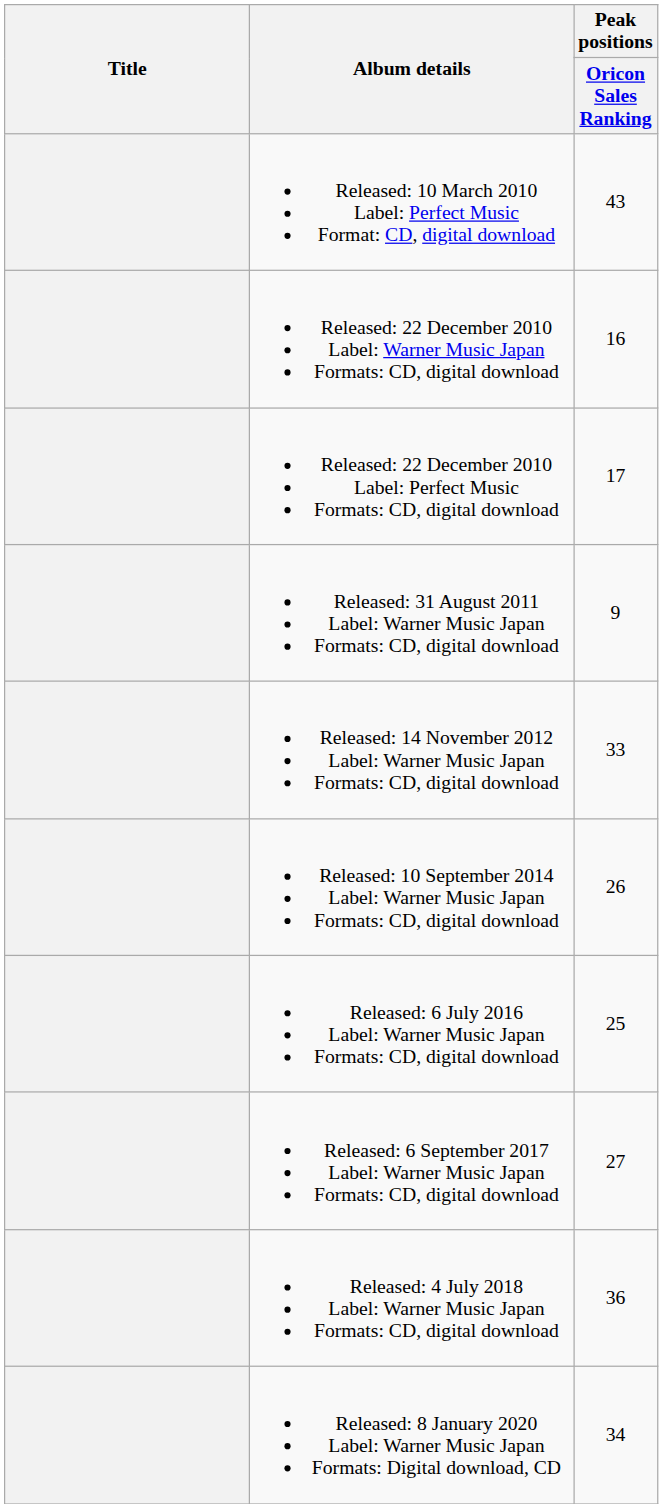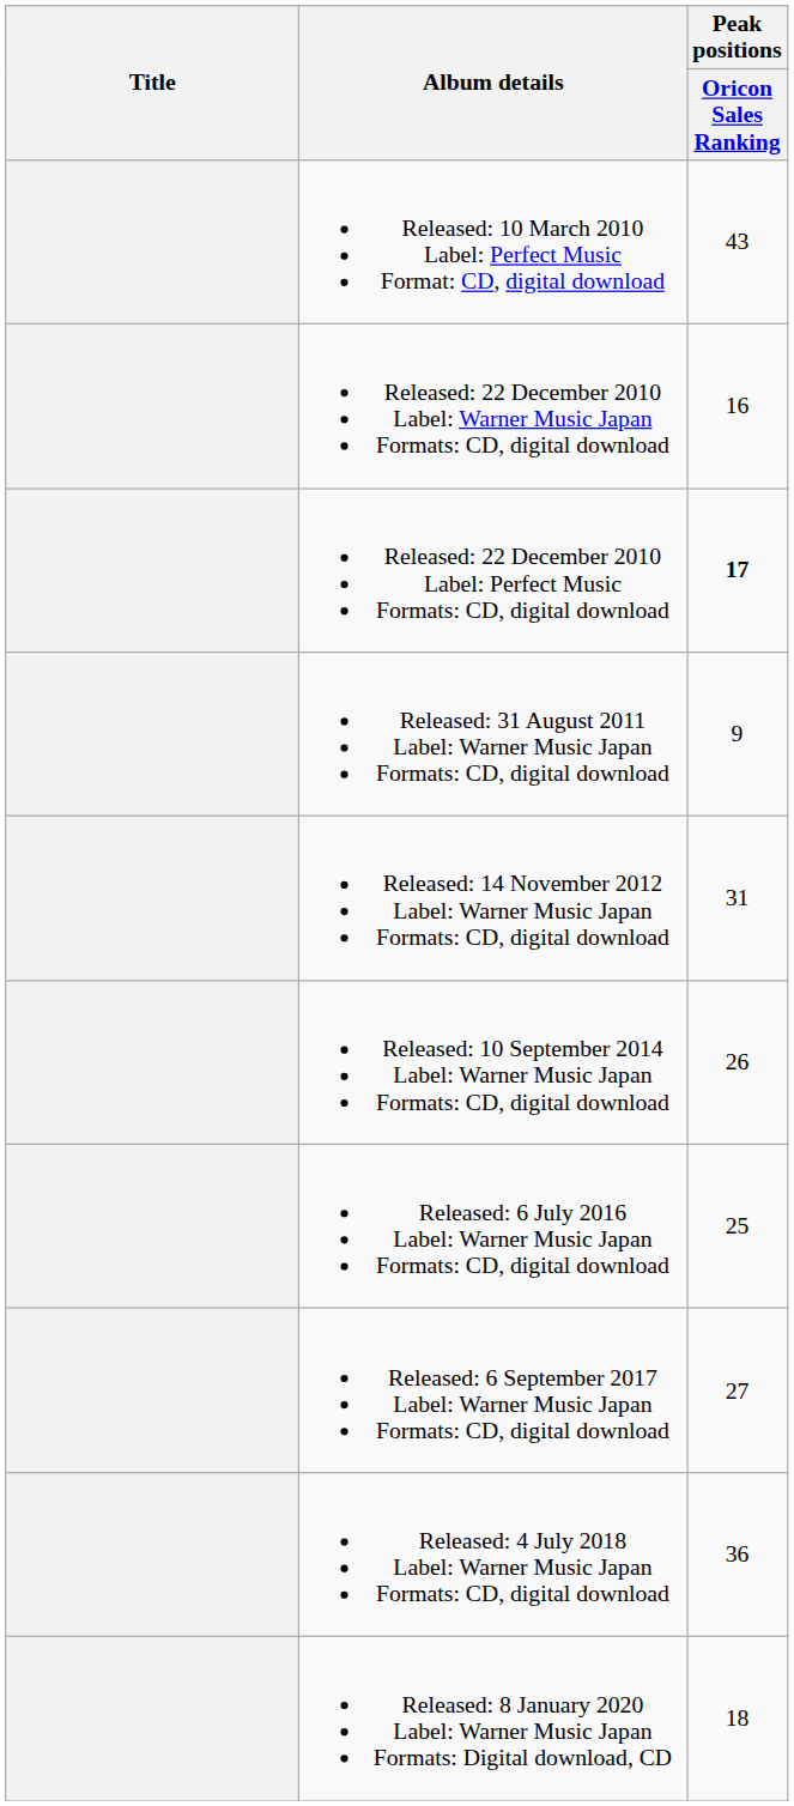 <table class="wikitable plainrowheaders" style="text-align:center;">
 <tr>
 <th style="width:12em;" rowspan="2">Title</th>
 <th style="width:16em;" rowspan="2">Album details</th>
 <th colspan="1">Peak positions</th>
 </tr>
 <tr>
 <th style="width:2.5em;"><a href='#'>Oricon Sales Ranking</a></th>
 </tr>
 <tr>
 <th scope="row"></th>
 <td><br><ul><li>Released: 10 March 2010</li><li>Label: <a href='#'>Perfect Music</a></li><li>Format: <a href='#'>CD</a>, <a href='#'>digital download</a></li></ul></td>
 <td>43</td>
 </tr>
 <tr>
 <th scope="row"></th>
 <td><br><ul><li>Released: 22 December 2010</li><li>Label: <a href='#'>Warner Music Japan</a></li><li>Formats: CD, digital download</li></ul></td>
 <td>16</td>
 </tr>
 <tr>
 <th scope="row"></th>
 <td><br><ul><li>Released: 22 December 2010</li><li>Label: Perfect Music</li><li>Formats: CD, digital download</li></ul></td>
-<td>17</td>
+<td><strong>17</strong></td>
 </tr>
 <tr>
 <th scope="row"></th>
 <td><br><ul><li>Released: 31 August 2011</li><li>Label: Warner Music Japan</li><li>Formats: CD, digital download</li></ul></td>
 <td>9</td>
 </tr>
 <tr>
 <th scope="row"></th>
 <td><br><ul><li>Released: 14 November 2012</li><li>Label: Warner Music Japan</li><li>Formats: CD, digital download</li></ul></td>
-<td>33</td>
+<td>31</td>
 </tr>
 <tr>
 <th scope="row"></th>
 <td><br><ul><li>Released: 10 September 2014</li><li>Label: Warner Music Japan</li><li>Formats: CD, digital download</li></ul></td>
 <td>26</td>
 </tr>
 <tr>
 <th scope="row"></th>
 <td><br><ul><li>Released: 6 July 2016</li><li>Label: Warner Music Japan</li><li>Formats: CD, digital download</li></ul></td>
 <td>25</td>
 </tr>
 <tr>
 <th scope="row"></th>
 <td><br><ul><li>Released: 6 September 2017</li><li>Label: Warner Music Japan</li><li>Formats: CD, digital download</li></ul></td>
 <td>27</td>
 </tr>
 <tr>
 <th scope="row"></th>
 <td><br><ul><li>Released: 4 July 2018</li><li>Label: Warner Music Japan</li><li>Formats: CD, digital download</li></ul></td>
 <td>36</td>
 </tr>
 <tr>
 <th scope="row"></th>
 <td><br><ul><li>Released: 8 January 2020</li><li>Label: Warner Music Japan</li><li>Formats: Digital download, CD</li></ul></td>
-<td>34</td>
+<td>18</td>
 </tr>
 </table>
